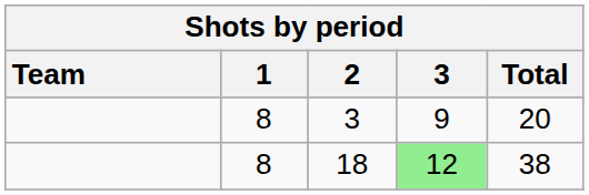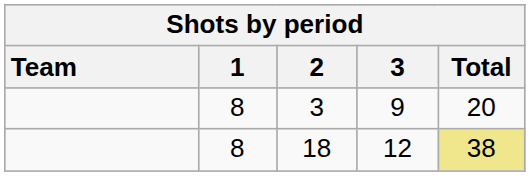 <table class="wikitable" style="width:20em; text-align:right;">
 <tr>
 <th colspan="6">Shots by period</th>
 </tr>
 <tr>
 <th style="width:8em; text-align:left;">Team</th>
 <th style="width:3em;">1</th>
 <th style="width:3em;">2</th>
 <th style="width:3em;">3</th>
 <th style="width:3em;">Total</th>
 </tr>
 <tr style="text-align:center;">
 <td style="text-align:left;"></td>
 <td>8</td>
 <td>3</td>
 <td>9</td>
 <td>20</td>
 </tr>
 <tr style="text-align:center;">
 <td style="text-align:left;"></td>
 <td>8</td>
 <td>18</td>
-<td style="background: lightgreen;">12</td>
-<td>38</td>
+<td>12</td>
+<td style="background: khaki;">38</td>
 </tr>
 </table>
